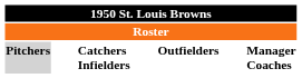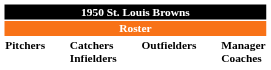 <table class="toccolours" style="font-size: 95%;">
 <tr>
 <th colspan="10" style="background-color: black; color: white; text-align: center;">1950 St. Louis Browns</th>
 </tr>
 <tr>
 <td colspan="10" style="background-color: #F87217; color: white; text-align: center;"><strong>Roster</strong></td>
 </tr>
 <tr>
-<td valign="top" style="background: lightgrey;"><strong>Pitchers</strong><br>                   </td>
+<td valign="top"><strong>Pitchers</strong><br>                   </td>
 <td width="25px"></td>
 <td valign="top"><strong>Catchers</strong><br>  <strong>Infielders</strong>         </td>
 <td width="25px"></td>
 <td valign="top"><strong>Outfielders</strong><br>    </td>
 <td width="25px"></td>
 <td valign="top"><strong>Manager</strong><br> <strong>Coaches</strong>    </td>
 </tr>
 <tr>
 </tr>
 </table>
